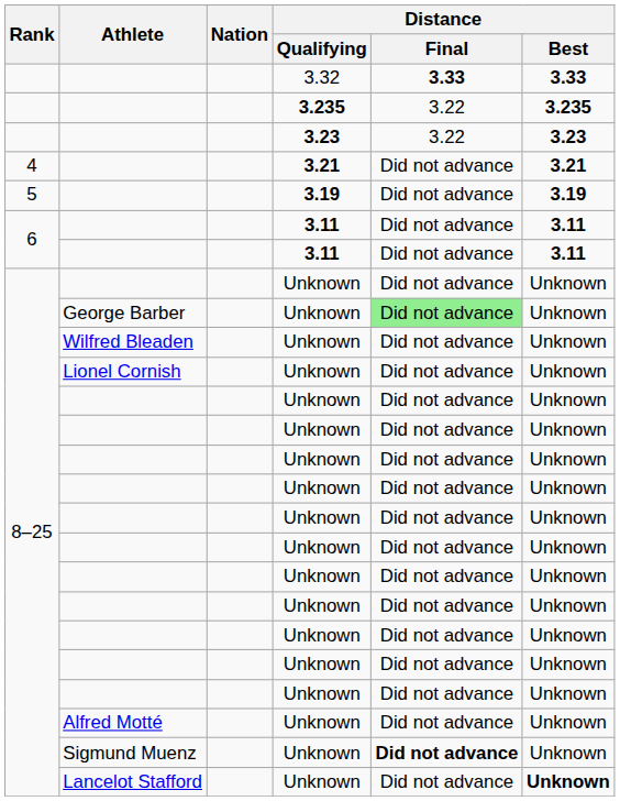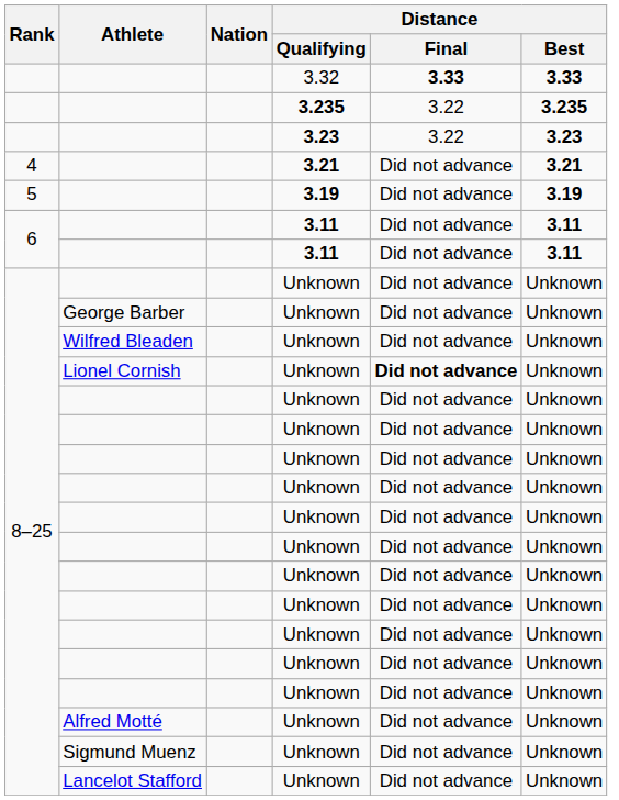 <table class="wikitable sortable" style="text-align:center">
 <tr>
 <th rowspan=2>Rank</th>
 <th rowspan=2>Athlete</th>
 <th rowspan=2>Nation</th>
 <th colspan=3>Distance</th>
 </tr>
 <tr>
 <th>Qualifying</th>
 <th>Final</th>
 <th>Best</th>
 </tr>
 <tr>
 <td></td>
 <td align=left></td>
 <td align=left></td>
 <td>3.32</td>
 <td><strong>3.33</strong></td>
 <td><strong>3.33</strong></td>
 </tr>
 <tr>
 <td></td>
 <td align=left></td>
 <td align=left></td>
 <td><strong>3.235</strong></td>
 <td>3.22</td>
 <td><strong>3.235</strong></td>
 </tr>
 <tr>
 <td></td>
 <td align=left></td>
 <td align=left></td>
 <td><strong>3.23</strong></td>
 <td>3.22</td>
 <td><strong>3.23</strong></td>
 </tr>
 <tr>
 <td>4</td>
 <td align=left></td>
 <td align=left></td>
 <td><strong>3.21</strong></td>
 <td data-sort-value=0.00>Did not advance</td>
 <td><strong>3.21</strong></td>
 </tr>
 <tr>
 <td>5</td>
 <td align=left></td>
 <td align=left></td>
 <td><strong>3.19</strong></td>
 <td data-sort-value=0.00>Did not advance</td>
 <td><strong>3.19</strong></td>
 </tr>
 <tr>
 <td rowspan=2>6</td>
 <td align=left></td>
 <td align=left></td>
 <td><strong>3.11</strong></td>
 <td data-sort-value=0.00>Did not advance</td>
 <td><strong>3.11</strong></td>
 </tr>
 <tr>
 <td align=left></td>
 <td align=left></td>
 <td><strong>3.11</strong></td>
 <td data-sort-value=0.00>Did not advance</td>
 <td><strong>3.11</strong></td>
 </tr>
 <tr>
 <td rowspan=18>8–25</td>
 <td align=left></td>
 <td align=left></td>
 <td data-sort-value=1.00>Unknown</td>
 <td data-sort-value=0.00>Did not advance</td>
 <td>Unknown</td>
 </tr>
 <tr>
 <td align=left>George Barber</td>
 <td align=left></td>
 <td data-sort-value=1.00>Unknown</td>
-<td data-sort-value=0.00 style="background: lightgreen;">Did not advance</td>
+<td data-sort-value=0.00>Did not advance</td>
 <td>Unknown</td>
 </tr>
 <tr>
 <td align=left><a href='#'>Wilfred Bleaden</a></td>
 <td align=left></td>
 <td data-sort-value=1.00>Unknown</td>
 <td data-sort-value=0.00>Did not advance</td>
 <td>Unknown</td>
 </tr>
 <tr>
 <td align=left><a href='#'>Lionel Cornish</a></td>
 <td align=left></td>
 <td data-sort-value=1.00>Unknown</td>
-<td data-sort-value=0.00>Did not advance</td>
+<td data-sort-value=0.00><strong>Did not advance</strong></td>
 <td>Unknown</td>
 </tr>
 <tr>
 <td align=left></td>
 <td align=left></td>
 <td data-sort-value=1.00>Unknown</td>
 <td data-sort-value=0.00>Did not advance</td>
 <td>Unknown</td>
 </tr>
 <tr>
 <td align=left></td>
 <td align=left></td>
 <td data-sort-value=1.00>Unknown</td>
 <td data-sort-value=0.00>Did not advance</td>
 <td>Unknown</td>
 </tr>
 <tr>
 <td align=left></td>
 <td align=left></td>
 <td data-sort-value=1.00>Unknown</td>
 <td data-sort-value=0.00>Did not advance</td>
 <td>Unknown</td>
 </tr>
 <tr>
 <td align=left></td>
 <td align=left></td>
 <td data-sort-value=1.00>Unknown</td>
 <td data-sort-value=0.00>Did not advance</td>
 <td>Unknown</td>
 </tr>
 <tr>
 <td align=left></td>
 <td align=left></td>
 <td data-sort-value=1.00>Unknown</td>
 <td data-sort-value=0.00>Did not advance</td>
 <td>Unknown</td>
 </tr>
 <tr>
 <td align=left></td>
 <td align=left></td>
 <td data-sort-value=1.00>Unknown</td>
 <td data-sort-value=0.00>Did not advance</td>
 <td>Unknown</td>
 </tr>
 <tr>
 <td align=left></td>
 <td align=left></td>
 <td data-sort-value=1.00>Unknown</td>
 <td data-sort-value=0.00>Did not advance</td>
 <td>Unknown</td>
 </tr>
 <tr>
 <td align=left></td>
 <td align=left></td>
 <td data-sort-value=1.00>Unknown</td>
 <td data-sort-value=0.00>Did not advance</td>
 <td>Unknown</td>
 </tr>
 <tr>
 <td align=left></td>
 <td align=left></td>
 <td data-sort-value=1.00>Unknown</td>
 <td data-sort-value=0.00>Did not advance</td>
 <td>Unknown</td>
 </tr>
 <tr>
 <td align=left></td>
 <td align=left></td>
 <td data-sort-value=1.00>Unknown</td>
 <td data-sort-value=0.00>Did not advance</td>
 <td>Unknown</td>
 </tr>
 <tr>
 <td align=left></td>
 <td align=left></td>
 <td data-sort-value=1.00>Unknown</td>
 <td data-sort-value=0.00>Did not advance</td>
 <td>Unknown</td>
 </tr>
 <tr>
 <td align=left><a href='#'>Alfred Motté</a></td>
 <td align="left"></td>
 <td data-sort-value=1.00>Unknown</td>
 <td data-sort-value=0.00>Did not advance</td>
 <td>Unknown</td>
 </tr>
 <tr>
 <td align=left>Sigmund Muenz</td>
 <td align=left></td>
 <td data-sort-value=1.00>Unknown</td>
-<td data-sort-value=0.00><strong>Did not advance</strong></td>
+<td data-sort-value=0.00>Did not advance</td>
 <td>Unknown</td>
 </tr>
 <tr>
 <td align=left><a href='#'>Lancelot Stafford</a></td>
 <td align=left></td>
 <td data-sort-value=1.00>Unknown</td>
 <td data-sort-value=0.00>Did not advance</td>
-<td><strong>Unknown</strong></td>
+<td>Unknown</td>
 </tr>
 </table>
